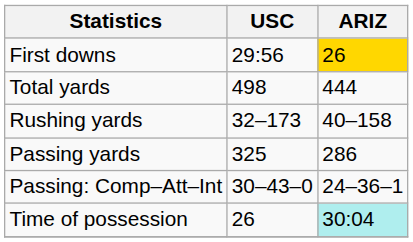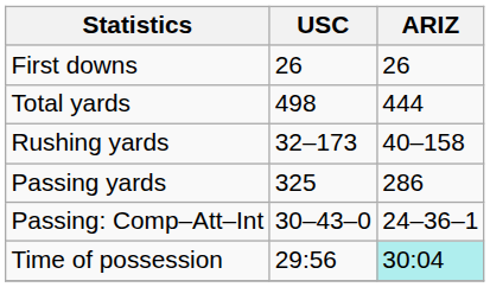 <table class="wikitable" style="float: left;">
 <tr>
 <th>Statistics</th>
 <th>USC</th>
 <th>ARIZ</th>
 </tr>
 <tr>
 <td>First downs</td>
-<td>29:56</td>
-<td style="background: gold;">26</td>
+<td>26</td>
+<td>26</td>
 </tr>
 <tr>
 <td>Total yards</td>
 <td>498</td>
 <td>444</td>
 </tr>
 <tr>
 <td>Rushing yards</td>
 <td>32–173</td>
 <td>40–158</td>
 </tr>
 <tr>
 <td>Passing yards</td>
 <td>325</td>
 <td>286</td>
 </tr>
 <tr>
 <td>Passing: Comp–Att–Int</td>
 <td>30–43–0</td>
 <td>24–36–1</td>
 </tr>
 <tr>
 <td>Time of possession</td>
-<td>26</td>
+<td>29:56</td>
 <td style="background: paleturquoise;">30:04</td>
 </tr>
 <tr>
 </tr>
 </table>
